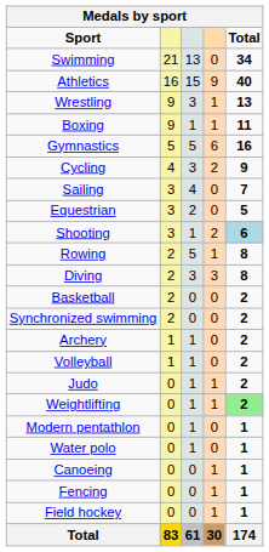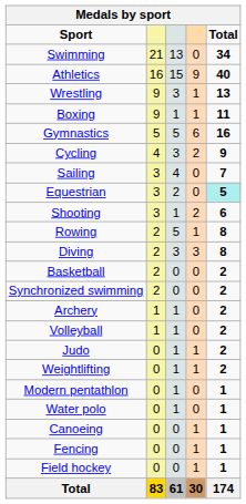 <table class=wikitable style="font-size:85%; float:right;text-align:center">
 <tr bgcolor=EFEFEF>
 <th colspan=7>Medals by sport</th>
 </tr>
 <tr>
 <td><strong>Sport</strong></td>
 <td bgcolor=F7F6A8></td>
 <td bgcolor=DCE5E5></td>
 <td bgcolor=FFDBA9></td>
 <td><strong>Total</strong></td>
 </tr>
 <tr>
 <td><a href='#'>Swimming</a></td>
 <td bgcolor=F7F6A8>21</td>
 <td bgcolor=DCE5E5>13</td>
 <td bgcolor=FFDAB9>0</td>
 <td><strong>34</strong></td>
 </tr>
 <tr>
 <td><a href='#'>Athletics</a></td>
 <td bgcolor=F7F6A8>16</td>
 <td bgcolor=DCE5E5>15</td>
 <td bgcolor=FFDAB9>9</td>
 <td><strong>40</strong></td>
 </tr>
 <tr>
 <td><a href='#'>Wrestling</a></td>
 <td bgcolor=F7F6A8>9</td>
 <td bgcolor=DCE5E5>3</td>
 <td bgcolor=FFDAB9>1</td>
 <td><strong>13</strong></td>
 </tr>
 <tr>
 <td><a href='#'>Boxing</a></td>
 <td bgcolor=F7F6A8>9</td>
 <td bgcolor=DCE5E5>1</td>
 <td bgcolor=FFDAB9>1</td>
 <td><strong>11</strong></td>
 </tr>
 <tr>
 <td><a href='#'>Gymnastics</a></td>
 <td bgcolor=F7F6A8>5</td>
 <td bgcolor=DCE5E5>5</td>
 <td bgcolor=FFDAB9>6</td>
 <td><strong>16</strong></td>
 </tr>
 <tr>
 <td><a href='#'>Cycling</a></td>
 <td bgcolor=F7F6A8>4</td>
 <td bgcolor=DCE5E5>3</td>
 <td bgcolor=FFDAB9>2</td>
 <td><strong>9</strong></td>
 </tr>
 <tr>
 <td><a href='#'>Sailing</a></td>
 <td bgcolor=F7F6A8>3</td>
 <td bgcolor=DCE5E5>4</td>
 <td bgcolor=FFDAB9>0</td>
 <td><strong>7</strong></td>
 </tr>
 <tr>
 <td><a href='#'>Equestrian</a></td>
 <td bgcolor=F7F6A8>3</td>
 <td bgcolor=DCE5E5>2</td>
 <td bgcolor=FFDAB9>0</td>
-<td><strong>5</strong></td>
+<td style="background: paleturquoise;"><strong>5</strong></td>
 </tr>
 <tr>
 <td><a href='#'>Shooting</a></td>
 <td bgcolor=F7F6A8>3</td>
 <td bgcolor=DCE5E5>1</td>
 <td bgcolor=FFDAB9>2</td>
-<td style="background: lightblue;"><strong>6</strong></td>
+<td><strong>6</strong></td>
 </tr>
 <tr>
 <td><a href='#'>Rowing</a></td>
 <td bgcolor=F7F6A8>2</td>
 <td bgcolor=DCE5E5>5</td>
 <td bgcolor=FFDAB9>1</td>
 <td><strong>8</strong></td>
 </tr>
 <tr>
 <td><a href='#'>Diving</a></td>
 <td bgcolor=F7F6A8>2</td>
 <td bgcolor=DCE5E5>3</td>
 <td bgcolor=FFDAB9>3</td>
 <td><strong>8</strong></td>
 </tr>
 <tr>
 <td><a href='#'>Basketball</a></td>
 <td bgcolor=F7F6A8>2</td>
 <td bgcolor=DCE5E5>0</td>
 <td bgcolor=FFDAB9>0</td>
 <td><strong>2</strong></td>
 </tr>
 <tr>
 <td><a href='#'>Synchronized swimming</a></td>
 <td bgcolor=F7F6A8>2</td>
 <td bgcolor=DCE5E5>0</td>
 <td bgcolor=FFDAB9>0</td>
 <td><strong>2</strong></td>
 </tr>
 <tr>
 <td><a href='#'>Archery</a></td>
 <td bgcolor=F7F6A8>1</td>
 <td bgcolor=DCE5E5>1</td>
 <td bgcolor=FFDAB9>0</td>
 <td><strong>2</strong></td>
 </tr>
 <tr>
 <td><a href='#'>Volleyball</a></td>
 <td bgcolor=F7F6A8>1</td>
 <td bgcolor=DCE5E5>1</td>
 <td bgcolor=FFDAB9>0</td>
 <td><strong>2</strong></td>
 </tr>
 <tr>
 <td><a href='#'>Judo</a></td>
 <td bgcolor=F7F6A8>0</td>
 <td bgcolor=DCE5E5>1</td>
 <td bgcolor=FFDAB9>1</td>
 <td><strong>2</strong></td>
 </tr>
 <tr>
 <td><a href='#'>Weightlifting</a></td>
 <td bgcolor=F7F6A8>0</td>
 <td bgcolor=DCE5E5>1</td>
 <td bgcolor=FFDAB9>1</td>
-<td style="background: lightgreen;"><strong>2</strong></td>
+<td><strong>2</strong></td>
 </tr>
 <tr>
 <td><a href='#'>Modern pentathlon</a></td>
 <td bgcolor=F7F6A8>0</td>
 <td bgcolor=DCE5E5>1</td>
 <td bgcolor=FFDAB9>0</td>
 <td><strong>1</strong></td>
 </tr>
 <tr>
 <td><a href='#'>Water polo</a></td>
 <td bgcolor=F7F6A8>0</td>
 <td bgcolor=DCE5E5>1</td>
 <td bgcolor=FFDAB9>0</td>
 <td><strong>1</strong></td>
 </tr>
 <tr>
 <td><a href='#'>Canoeing</a></td>
 <td bgcolor=F7F6A8>0</td>
 <td bgcolor=DCE5E5>0</td>
 <td bgcolor=FFDAB9>1</td>
 <td><strong>1</strong></td>
 </tr>
 <tr>
 <td><a href='#'>Fencing</a></td>
 <td bgcolor=F7F6A8>0</td>
 <td bgcolor=DCE5E5>0</td>
 <td bgcolor=FFDAB9>1</td>
 <td><strong>1</strong></td>
 </tr>
 <tr>
 <td><a href='#'>Field hockey</a></td>
 <td bgcolor=F7F6A8>0</td>
 <td bgcolor=DCE5E5>0</td>
 <td bgcolor=FFDAB9>1</td>
 <td><strong>1</strong></td>
 </tr>
 <tr>
 <th>Total</th>
 <th style=background:gold>83</th>
 <th style=background:silver>61</th>
 <th style=background:#C96>30</th>
 <th>174</th>
 </tr>
 </table>
